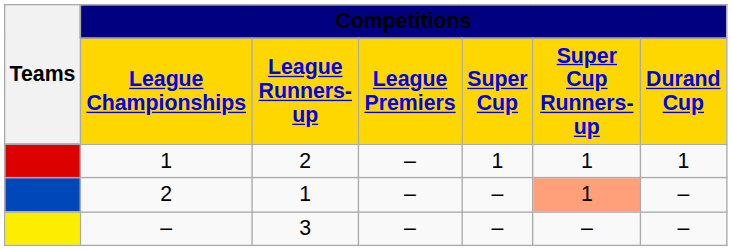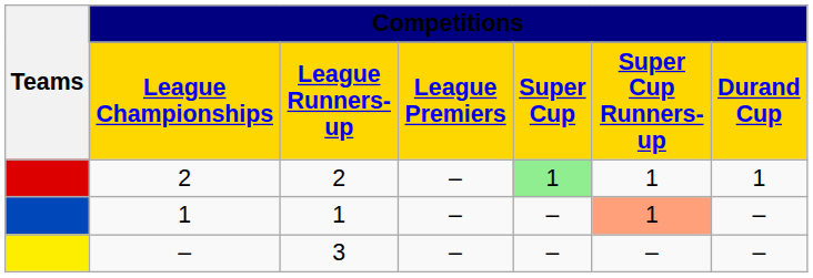 <table class="wikitable" style="font-size:100%; width:43%; text-align:center">
 <tr>
 <th rowspan="2">Teams</th>
 <th colspan="6" style="background:#000080"><span> Competitions</span></th>
 </tr>
 <tr>
 <th style="background:#FFD700"><span> <a href='#'>League Championships</a></span></th>
 <th style="background:#FFD700"><span> <a href='#'>League Runners-up</a></span></th>
 <th style="background:#FFD700"><span> <a href='#'>League Premiers</a></span></th>
 <th style="background:#FFD700"><a href='#'>Super Cup</a></th>
 <th style="background:#FFD700"><a href='#'>Super Cup Runners-up</a></th>
 <th style="background:#FFD700"><span> <a href='#'>Durand Cup</a></span></th>
 </tr>
 <tr>
 <th style="background:#DD0000"></th>
-<td>1</td>
+<td>2</td>
 <td>2</td>
 <td>–</td>
-<td>1</td>
+<td style="background: lightgreen;">1</td>
 <td>1</td>
 <td>1</td>
 </tr>
 <tr>
 <th style="background:#0048BA"></th>
-<td>2</td>
+<td>1</td>
 <td>1</td>
 <td>–</td>
 <td>–</td>
 <td style="background: lightsalmon;">1</td>
 <td>–</td>
 </tr>
 <tr>
 <th style="background:#FDEE00"></th>
 <td>–</td>
 <td>3</td>
 <td>–</td>
 <td>–</td>
 <td>–</td>
 <td>–</td>
 </tr>
 </table>
